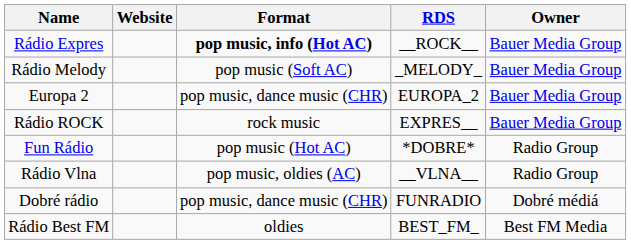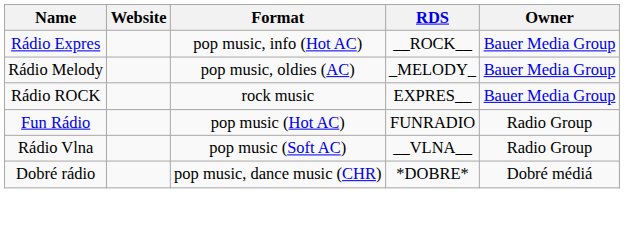 <table class="wikitable" style="text-align: center;">
 <tr>
 <th>Name</th>
 <th>Website</th>
 <th>Format</th>
 <th><a href='#'>RDS</a></th>
 <th>Owner</th>
 </tr>
 <tr>
 <td><a href='#'>Rádio Expres</a></td>
 <td></td>
-<td><strong>pop music, info (<a href='#'>Hot AC</a>)</strong></td>
+<td>pop music, info (<a href='#'>Hot AC</a>)</td>
 <td>__ROCK__</td>
 <td><a href='#'>Bauer Media Group</a></td>
 </tr>
 <tr>
 <td>Rádio Melody</td>
 <td></td>
-<td>pop music (<a href='#'>Soft AC</a>)</td>
+<td>pop music, oldies (<a href='#'>AC</a>)</td>
 <td>_MELODY_</td>
-<td><a href='#'>Bauer Media Group</a></td>
-</tr>
-<tr>
-<td>Europa 2</td>
-<td></td>
-<td>pop music, dance music (<a href='#'>CHR</a>)</td>
-<td>EUROPA_2</td>
 <td><a href='#'>Bauer Media Group</a></td>
 </tr>
 <tr>
 <td>Rádio ROCK</td>
 <td></td>
 <td>rock music</td>
 <td>EXPRES__</td>
 <td><a href='#'>Bauer Media Group</a></td>
 </tr>
 <tr>
 <td><a href='#'>Fun Rádio</a></td>
 <td></td>
 <td>pop music (<a href='#'>Hot AC</a>)</td>
-<td>*DOBRE*</td>
+<td>FUNRADIO</td>
 <td>Radio Group </td>
 </tr>
 <tr>
 <td>Rádio Vlna</td>
 <td></td>
-<td>pop music, oldies (<a href='#'>AC</a>)</td>
+<td>pop music (<a href='#'>Soft AC</a>)</td>
 <td>__VLNA__</td>
 <td>Radio Group </td>
 </tr>
 <tr>
 <td>Dobré rádio</td>
 <td></td>
 <td>pop music, dance music (<a href='#'>CHR</a>)</td>
-<td>FUNRADIO</td>
+<td>*DOBRE*</td>
 <td>Dobré médiá</td>
 </tr>
-<tr>
-<td>Rádio Best FM</td>
-<td></td>
-<td>oldies</td>
-<td>BEST_FM_</td>
-<td>Best FM Media</td>
-</tr>
 </table>
